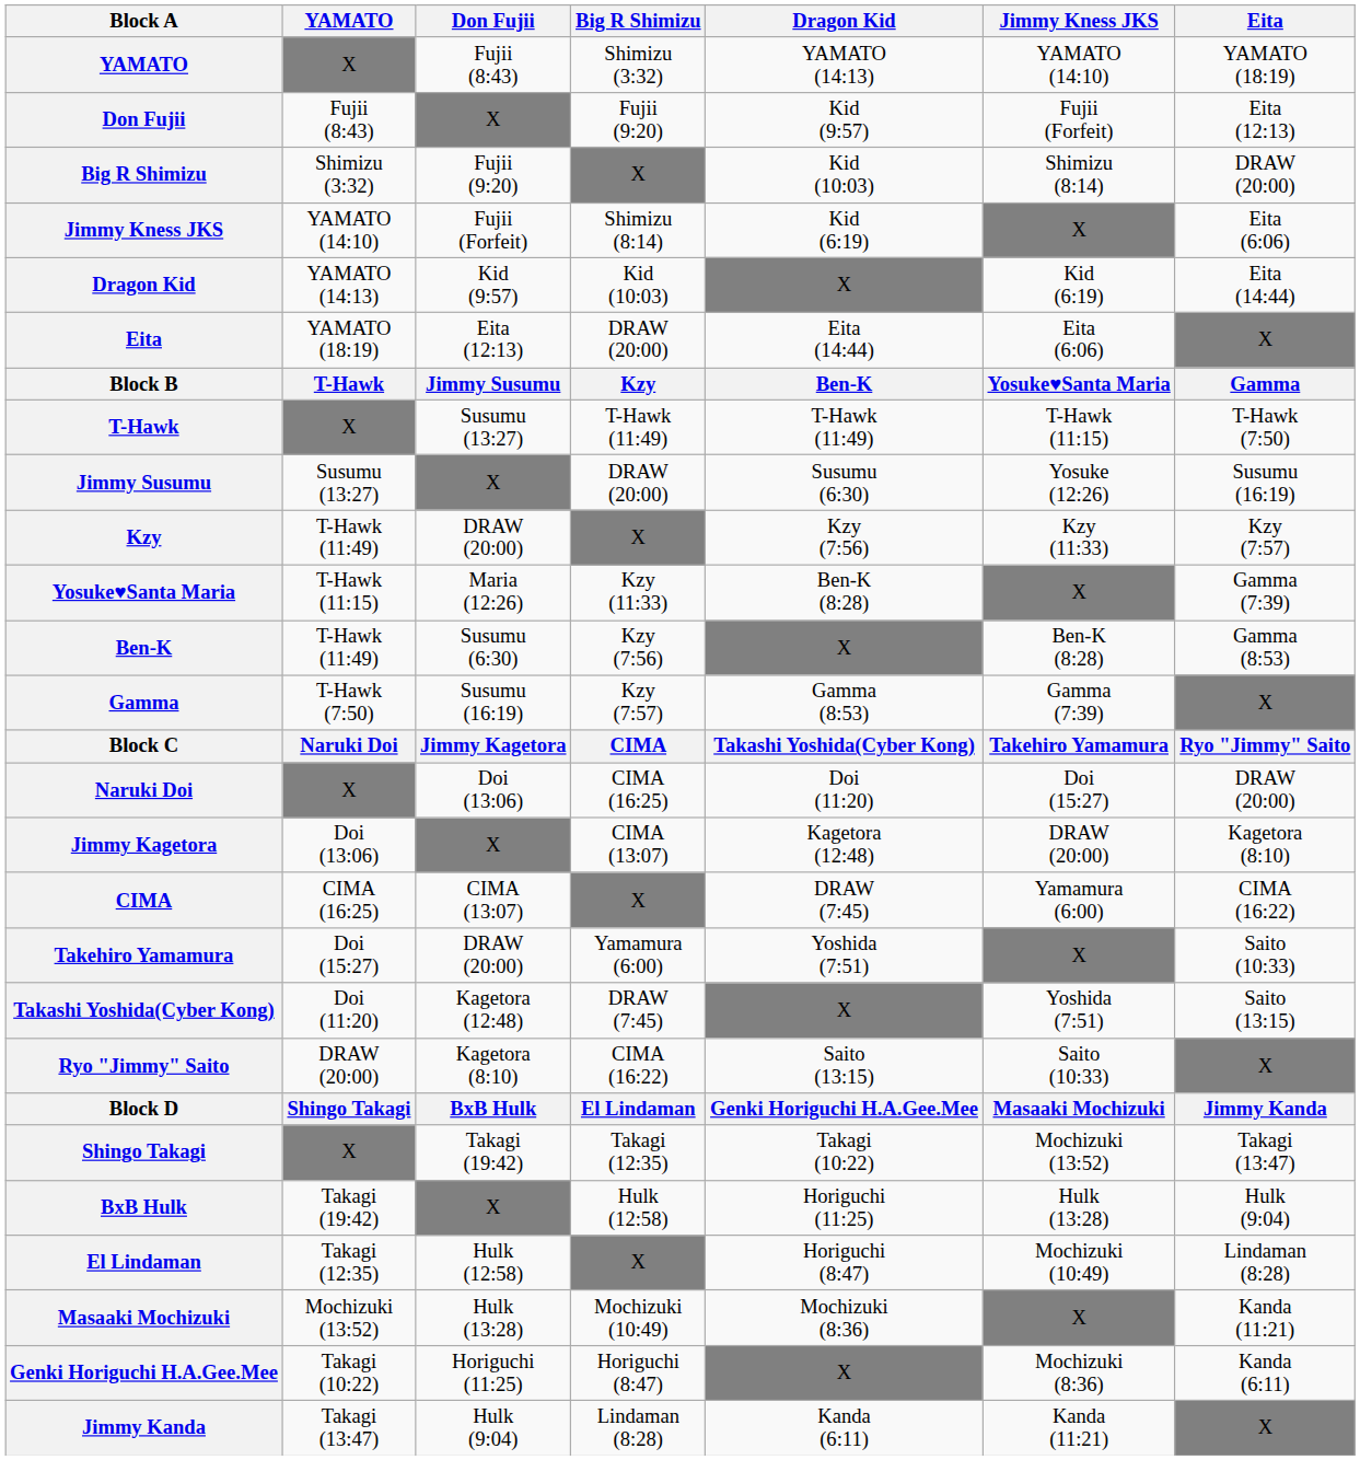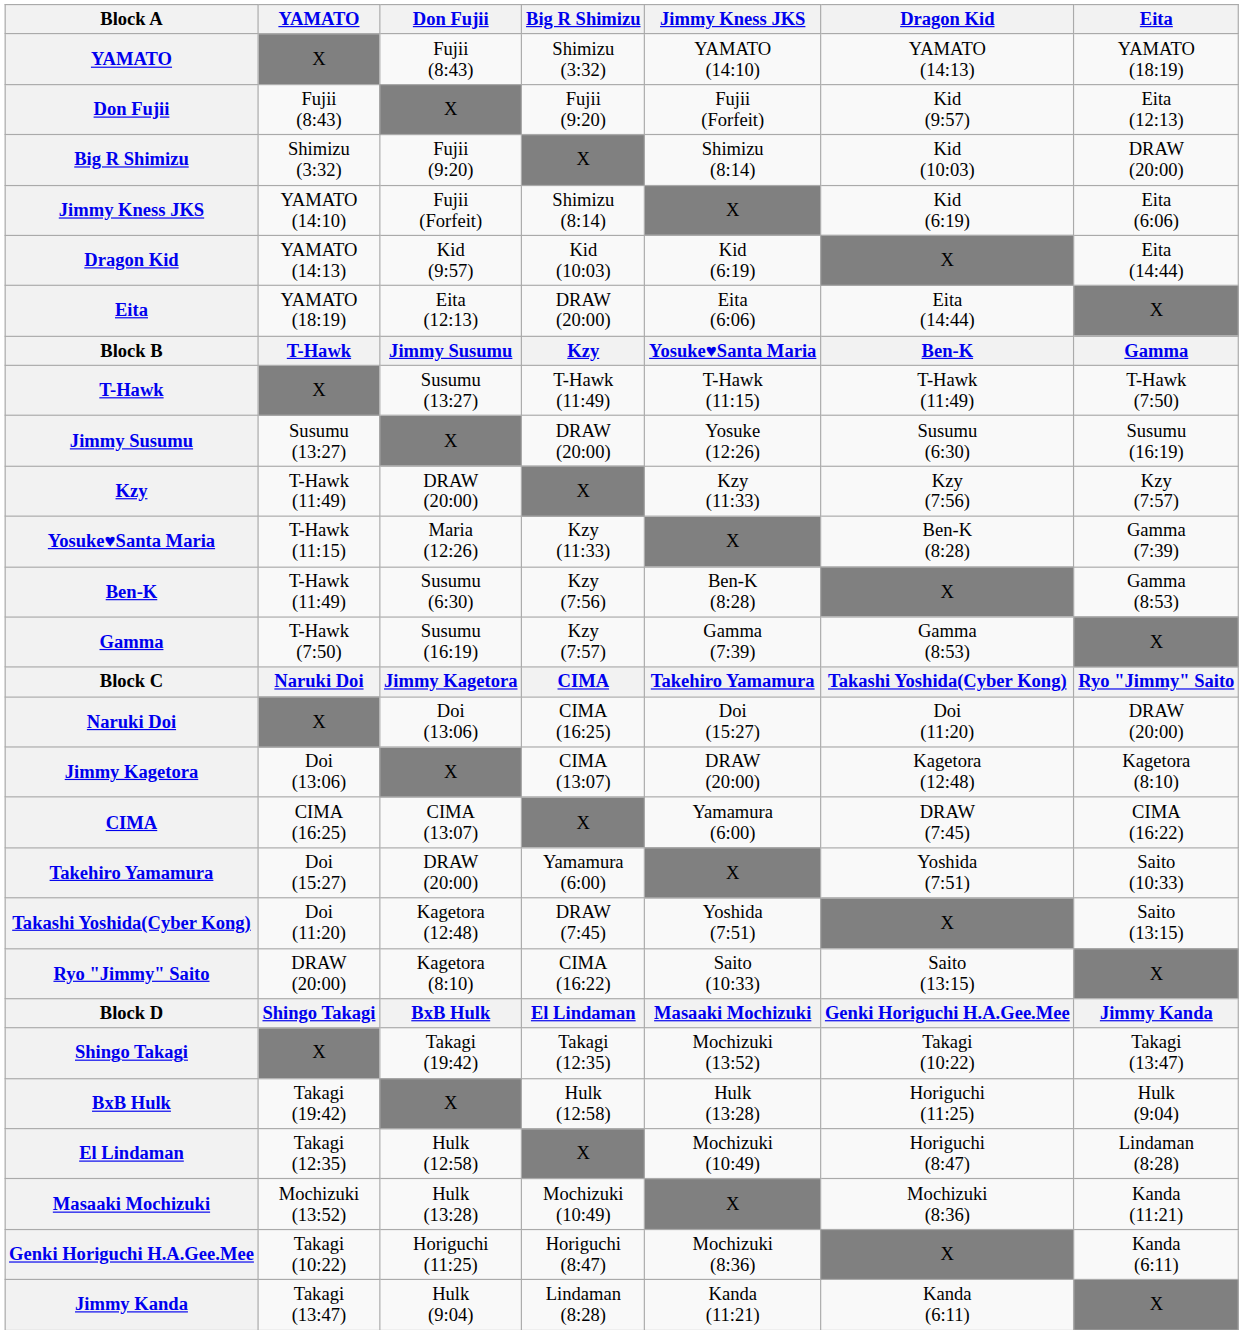 <table class="wikitable" style="margin: 1em auto 1em auto">
 <tr align="center">
 <th>Block A</th>
 <th><a href='#'>YAMATO</a></th>
 <th><a href='#'>Don Fujii</a></th>
 <th><a href='#'>Big R Shimizu</a></th>
+<th><a href='#'>Jimmy Kness JKS</a></th>
 <th><a href='#'>Dragon Kid</a></th>
-<th><a href='#'>Jimmy Kness JKS</a></th>
 <th><a href='#'>Eita</a></th>
 </tr>
 <tr align="center">
 <th><a href='#'>YAMATO</a></th>
 <td bgcolor=grey>X</td>
 <td>Fujii<br>(8:43)</td>
 <td>Shimizu<br>(3:32)</td>
+<td>YAMATO<br>(14:10)</td>
 <td>YAMATO<br>(14:13)</td>
-<td>YAMATO<br>(14:10)</td>
 <td>YAMATO<br>(18:19)</td>
 </tr>
 <tr align="center">
 <th><a href='#'>Don Fujii</a></th>
 <td>Fujii<br>(8:43)</td>
 <td bgcolor=grey>X</td>
 <td>Fujii<br>(9:20)</td>
+<td>Fujii<br>(Forfeit)</td>
 <td>Kid<br>(9:57)</td>
-<td>Fujii<br>(Forfeit)</td>
 <td>Eita<br>(12:13)</td>
 </tr>
 <tr align="center">
 <th><a href='#'>Big R Shimizu</a></th>
 <td>Shimizu<br>(3:32)</td>
 <td>Fujii<br>(9:20)</td>
 <td bgcolor=grey>X</td>
+<td>Shimizu<br>(8:14)</td>
 <td>Kid<br>(10:03)</td>
-<td>Shimizu<br>(8:14)</td>
 <td>DRAW<br>(20:00)</td>
 </tr>
 <tr align="center">
 <th><a href='#'>Jimmy Kness JKS</a></th>
 <td>YAMATO<br>(14:10)</td>
 <td>Fujii<br>(Forfeit)</td>
 <td>Shimizu<br>(8:14)</td>
+<td bgcolor=grey>X</td>
 <td>Kid<br>(6:19)</td>
-<td bgcolor=grey>X</td>
 <td>Eita<br>(6:06)</td>
 </tr>
 <tr align="center">
 <th><a href='#'>Dragon Kid</a></th>
 <td>YAMATO<br>(14:13)</td>
 <td>Kid<br>(9:57)</td>
 <td>Kid<br>(10:03)</td>
+<td>Kid<br>(6:19)</td>
 <td bgcolor=grey>X</td>
-<td>Kid<br>(6:19)</td>
 <td>Eita<br>(14:44)</td>
 </tr>
 <tr align="center">
 <th><a href='#'>Eita</a></th>
 <td>YAMATO<br>(18:19)</td>
 <td>Eita<br>(12:13)</td>
 <td>DRAW<br>(20:00)</td>
+<td>Eita<br>(6:06)</td>
 <td>Eita<br>(14:44)</td>
-<td>Eita<br>(6:06)</td>
 <td bgcolor=grey>X</td>
 </tr>
 <tr align="center">
 <th>Block B</th>
 <th><a href='#'>T-Hawk</a></th>
 <th><a href='#'>Jimmy Susumu</a></th>
 <th><a href='#'>Kzy</a></th>
+<th><a href='#'>Yosuke♥Santa Maria</a></th>
 <th><a href='#'>Ben-K</a></th>
-<th><a href='#'>Yosuke♥Santa Maria</a></th>
 <th><a href='#'>Gamma</a></th>
 </tr>
 <tr align="center">
 <th><a href='#'>T-Hawk</a></th>
 <td bgcolor=grey>X</td>
 <td>Susumu<br>(13:27)</td>
 <td>T-Hawk<br>(11:49)</td>
+<td>T-Hawk<br>(11:15)</td>
 <td>T-Hawk<br>(11:49)</td>
-<td>T-Hawk<br>(11:15)</td>
 <td>T-Hawk<br>(7:50)</td>
 </tr>
 <tr align="center">
 <th><a href='#'>Jimmy Susumu</a></th>
 <td>Susumu<br>(13:27)</td>
 <td bgcolor=grey>X</td>
 <td>DRAW<br>(20:00)</td>
+<td>Yosuke<br>(12:26)</td>
 <td>Susumu<br>(6:30)</td>
-<td>Yosuke<br>(12:26)</td>
 <td>Susumu<br>(16:19)</td>
 </tr>
 <tr align="center">
 <th><a href='#'>Kzy</a></th>
 <td>T-Hawk<br>(11:49)</td>
 <td>DRAW<br>(20:00)</td>
 <td bgcolor=grey>X</td>
+<td>Kzy<br>(11:33)</td>
 <td>Kzy<br>(7:56)</td>
-<td>Kzy<br>(11:33)</td>
 <td>Kzy<br>(7:57)</td>
 </tr>
 <tr align="center">
 <th><a href='#'>Yosuke♥Santa Maria</a></th>
 <td>T-Hawk<br>(11:15)</td>
 <td>Maria<br>(12:26)</td>
 <td>Kzy<br>(11:33)</td>
+<td bgcolor=grey>X</td>
 <td>Ben-K<br>(8:28)</td>
-<td bgcolor=grey>X</td>
 <td>Gamma<br>(7:39)</td>
 </tr>
 <tr align="center">
 <th><a href='#'>Ben-K</a></th>
 <td>T-Hawk<br>(11:49)</td>
 <td>Susumu<br>(6:30)</td>
 <td>Kzy<br>(7:56)</td>
+<td>Ben-K<br>(8:28)</td>
 <td bgcolor=grey>X</td>
-<td>Ben-K<br>(8:28)</td>
 <td>Gamma<br>(8:53)</td>
 </tr>
 <tr align="center">
 <th><a href='#'>Gamma</a></th>
 <td>T-Hawk<br>(7:50)</td>
 <td>Susumu<br>(16:19)</td>
 <td>Kzy<br>(7:57)</td>
+<td>Gamma<br>(7:39)</td>
 <td>Gamma<br>(8:53)</td>
-<td>Gamma<br>(7:39)</td>
 <td bgcolor=grey>X</td>
 </tr>
 <tr align="center">
 <th>Block C</th>
 <th><a href='#'>Naruki Doi</a></th>
 <th><a href='#'>Jimmy Kagetora</a></th>
 <th><a href='#'>CIMA</a></th>
+<th><a href='#'>Takehiro Yamamura</a></th>
 <th><a href='#'>Takashi Yoshida(Cyber Kong)</a></th>
-<th><a href='#'>Takehiro Yamamura</a></th>
 <th><a href='#'>Ryo "Jimmy" Saito</a></th>
 </tr>
 <tr align="center">
 <th><a href='#'>Naruki Doi</a></th>
 <td bgcolor=grey>X</td>
 <td>Doi<br>(13:06)</td>
 <td>CIMA<br>(16:25)</td>
+<td>Doi<br>(15:27)</td>
 <td>Doi<br>(11:20)</td>
-<td>Doi<br>(15:27)</td>
 <td>DRAW<br>(20:00)</td>
 </tr>
 <tr align="center">
 <th><a href='#'>Jimmy Kagetora</a></th>
 <td>Doi<br>(13:06)</td>
 <td bgcolor=grey>X</td>
 <td>CIMA<br>(13:07)</td>
+<td>DRAW<br>(20:00)</td>
 <td>Kagetora<br>(12:48)</td>
-<td>DRAW<br>(20:00)</td>
 <td>Kagetora<br>(8:10)</td>
 </tr>
 <tr align="center">
 <th><a href='#'>CIMA</a></th>
 <td>CIMA<br>(16:25)</td>
 <td>CIMA<br>(13:07)</td>
 <td bgcolor=grey>X</td>
+<td>Yamamura<br>(6:00)</td>
 <td>DRAW<br>(7:45)</td>
-<td>Yamamura<br>(6:00)</td>
 <td>CIMA<br>(16:22)</td>
 </tr>
 <tr align="center">
 <th><a href='#'>Takehiro Yamamura</a></th>
 <td>Doi<br>(15:27)</td>
 <td>DRAW<br>(20:00)</td>
 <td>Yamamura<br>(6:00)</td>
+<td bgcolor=grey>X</td>
 <td>Yoshida<br>(7:51)</td>
-<td bgcolor=grey>X</td>
 <td>Saito<br>(10:33)</td>
 </tr>
 <tr align="center">
 <th><a href='#'>Takashi Yoshida(Cyber Kong)</a></th>
 <td>Doi<br>(11:20)</td>
 <td>Kagetora<br>(12:48)</td>
 <td>DRAW<br>(7:45)</td>
+<td>Yoshida<br>(7:51)</td>
 <td bgcolor=grey>X</td>
-<td>Yoshida<br>(7:51)</td>
 <td>Saito<br>(13:15)</td>
 </tr>
 <tr align="center">
 <th><a href='#'>Ryo "Jimmy" Saito</a></th>
 <td>DRAW<br>(20:00)</td>
 <td>Kagetora<br>(8:10)</td>
 <td>CIMA<br>(16:22)</td>
+<td>Saito<br>(10:33)</td>
 <td>Saito<br>(13:15)</td>
-<td>Saito<br>(10:33)</td>
 <td bgcolor=grey>X</td>
 </tr>
 <tr align="center">
 <th>Block D</th>
 <th><a href='#'>Shingo Takagi</a></th>
 <th><a href='#'>BxB Hulk</a></th>
 <th><a href='#'>El Lindaman</a></th>
+<th><a href='#'>Masaaki Mochizuki</a></th>
 <th><a href='#'>Genki Horiguchi H.A.Gee.Mee</a></th>
-<th><a href='#'>Masaaki Mochizuki</a></th>
 <th><a href='#'>Jimmy Kanda</a></th>
 </tr>
 <tr align="center">
 <th><a href='#'>Shingo Takagi</a></th>
 <td bgcolor=grey>X</td>
 <td>Takagi<br>(19:42)</td>
 <td>Takagi<br>(12:35)</td>
+<td>Mochizuki<br>(13:52)</td>
 <td>Takagi<br>(10:22)</td>
-<td>Mochizuki<br>(13:52)</td>
 <td>Takagi<br>(13:47)</td>
 </tr>
 <tr align="center">
 <th><a href='#'>BxB Hulk</a></th>
 <td>Takagi<br>(19:42)</td>
 <td bgcolor=grey>X</td>
 <td>Hulk<br>(12:58)</td>
+<td>Hulk<br>(13:28)</td>
 <td>Horiguchi<br>(11:25)</td>
-<td>Hulk<br>(13:28)</td>
 <td>Hulk<br>(9:04)</td>
 </tr>
 <tr align="center">
 <th><a href='#'>El Lindaman</a></th>
 <td>Takagi<br>(12:35)</td>
 <td>Hulk<br>(12:58)</td>
 <td bgcolor=grey>X</td>
+<td>Mochizuki<br>(10:49)</td>
 <td>Horiguchi<br>(8:47)</td>
-<td>Mochizuki<br>(10:49)</td>
 <td>Lindaman<br>(8:28)</td>
 </tr>
 <tr align="center">
 <th><a href='#'>Masaaki Mochizuki</a></th>
 <td>Mochizuki<br>(13:52)</td>
 <td>Hulk<br>(13:28)</td>
 <td>Mochizuki<br>(10:49)</td>
+<td bgcolor=grey>X</td>
 <td>Mochizuki<br>(8:36)</td>
-<td bgcolor=grey>X</td>
 <td>Kanda<br>(11:21)</td>
 </tr>
 <tr align="center">
 <th><a href='#'>Genki Horiguchi H.A.Gee.Mee</a></th>
 <td>Takagi<br>(10:22)</td>
 <td>Horiguchi<br>(11:25)</td>
 <td>Horiguchi<br>(8:47)</td>
+<td>Mochizuki<br>(8:36)</td>
 <td bgcolor=grey>X</td>
-<td>Mochizuki<br>(8:36)</td>
 <td>Kanda<br>(6:11)</td>
 </tr>
 <tr align="center">
 <th><a href='#'>Jimmy Kanda</a></th>
 <td>Takagi<br>(13:47)</td>
 <td>Hulk<br>(9:04)</td>
 <td>Lindaman<br>(8:28)</td>
+<td>Kanda<br>(11:21)</td>
 <td>Kanda<br>(6:11)</td>
-<td>Kanda<br>(11:21)</td>
 <td bgcolor=grey>X</td>
 </tr>
 </table>
